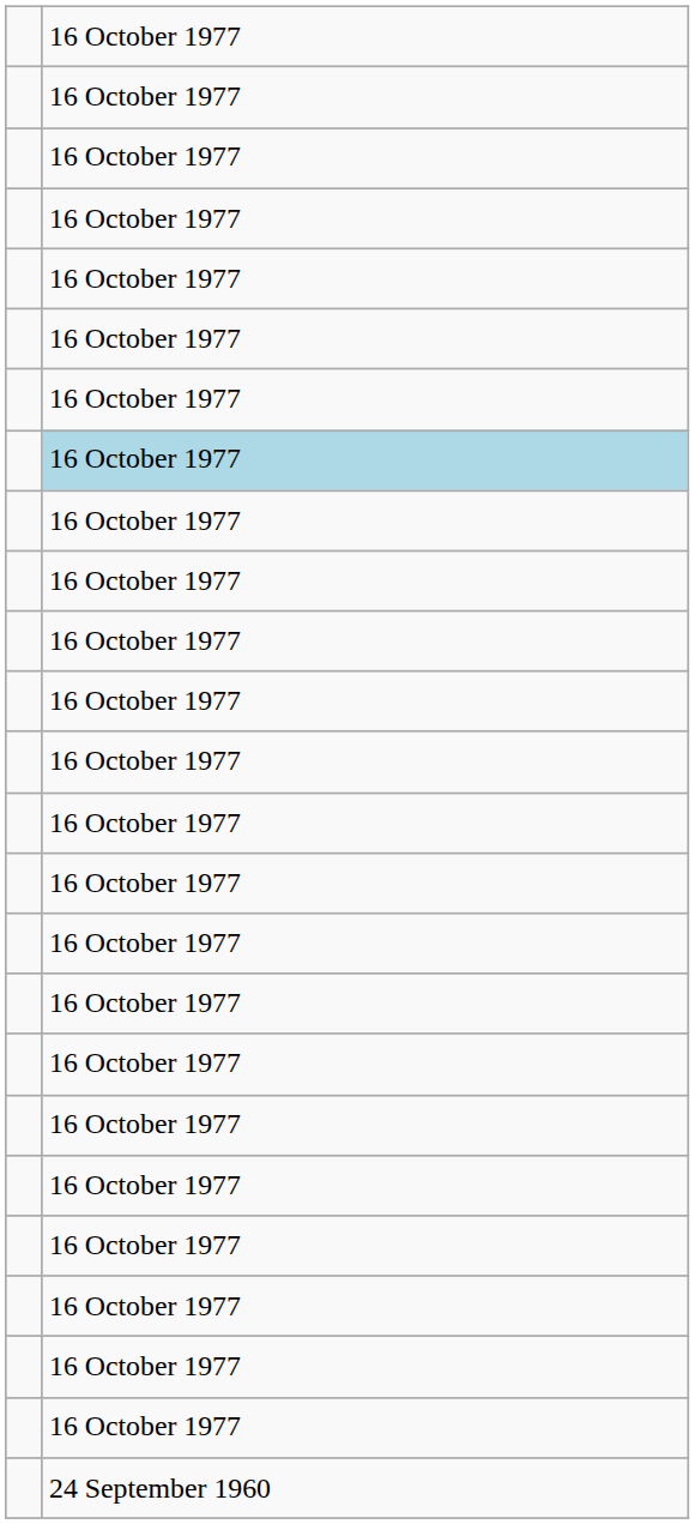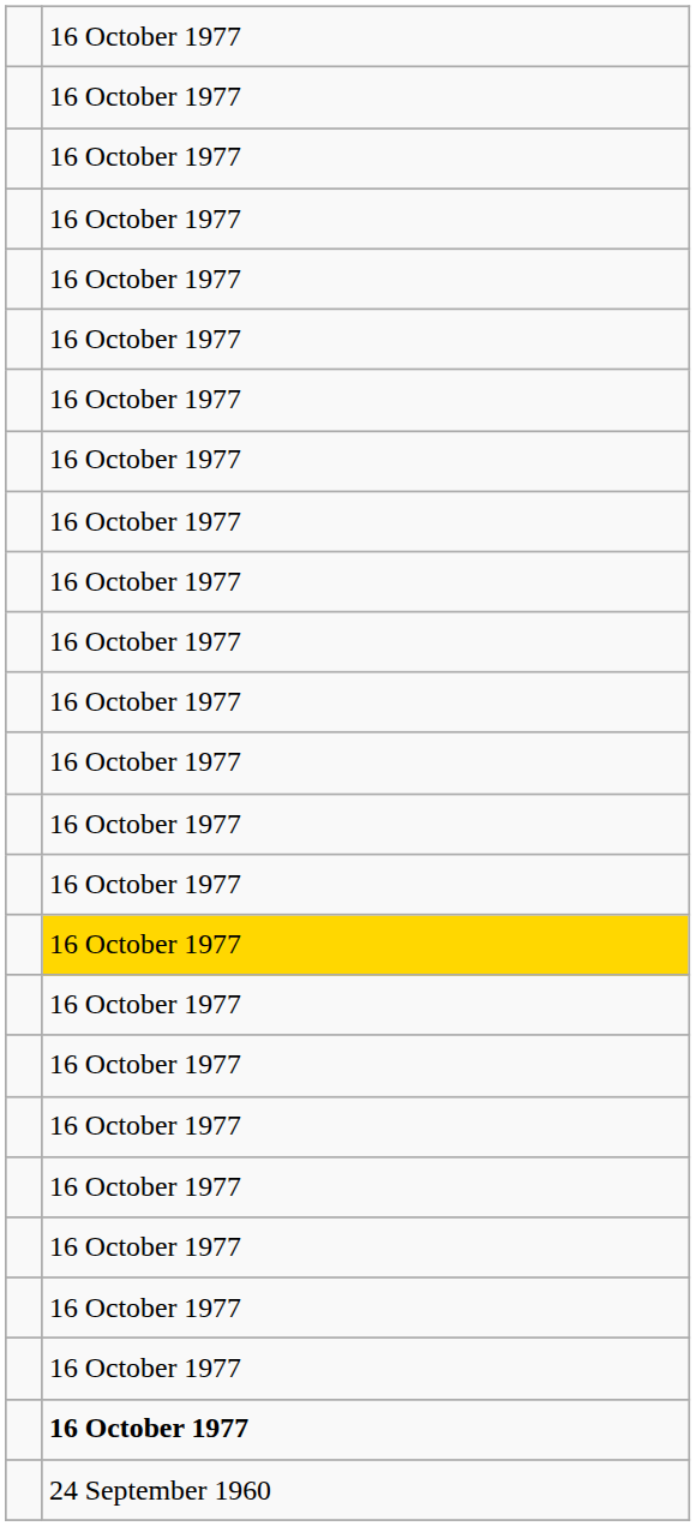 <table class="wikitable" style="font-size: 89%; float: left; width: 24em; margin-right: 1em; line-height: 1.65em">
-<tr>
-<td></td>
-<td>16 October 1977</td>
-</tr>
-<tr>
-<td></td>
-<td>16 October 1977</td>
-</tr>
-<tr>
-<td></td>
-<td>16 October 1977</td>
-</tr>
-<tr>
-<td></td>
-<td>16 October 1977</td>
-</tr>
-<tr>
-<td></td>
-<td>16 October 1977</td>
-</tr>
-<tr>
-<td></td>
-<td>16 October 1977</td>
-</tr>
-<tr>
-<td></td>
-<td>16 October 1977</td>
-</tr>
-<tr>
-<td></td>
-<td style="background: lightblue;">16 October 1977</td>
-</tr>
 <tr>
 <td></td>
 <td>16 October 1977</td>
 </tr>
 <tr>
 <td></td>
 <td>16 October 1977</td>
 </tr>
 <tr>
 <td></td>
 <td>16 October 1977</td>
 </tr>
 <tr>
 <td></td>
 <td>16 October 1977</td>
 </tr>
 <tr>
 <td></td>
 <td>16 October 1977</td>
 </tr>
 <tr>
 <td></td>
 <td>16 October 1977</td>
 </tr>
 <tr>
 <td></td>
 <td>16 October 1977</td>
 </tr>
 <tr>
 <td></td>
 <td>16 October 1977</td>
 </tr>
 <tr>
 <td></td>
 <td>16 October 1977</td>
 </tr>
 <tr>
 <td></td>
 <td>16 October 1977</td>
 </tr>
 <tr>
 <td></td>
 <td>16 October 1977</td>
 </tr>
 <tr>
 <td></td>
 <td>16 October 1977</td>
 </tr>
 <tr>
 <td></td>
 <td>16 October 1977</td>
 </tr>
 <tr>
 <td></td>
 <td>16 October 1977</td>
 </tr>
 <tr>
 <td></td>
 <td>16 October 1977</td>
 </tr>
 <tr>
 <td></td>
+<td style="background: gold;">16 October 1977</td>
+</tr>
+<tr>
+<td></td>
 <td>16 October 1977</td>
+</tr>
+<tr>
+<td></td>
+<td>16 October 1977</td>
+</tr>
+<tr>
+<td></td>
+<td>16 October 1977</td>
+</tr>
+<tr>
+<td></td>
+<td>16 October 1977</td>
+</tr>
+<tr>
+<td></td>
+<td>16 October 1977</td>
+</tr>
+<tr>
+<td></td>
+<td>16 October 1977</td>
+</tr>
+<tr>
+<td></td>
+<td>16 October 1977</td>
+</tr>
+<tr>
+<td></td>
+<td><strong>16 October 1977</strong></td>
 </tr>
 <tr>
 <td></td>
 <td>24 September 1960</td>
 </tr>
 </table>
